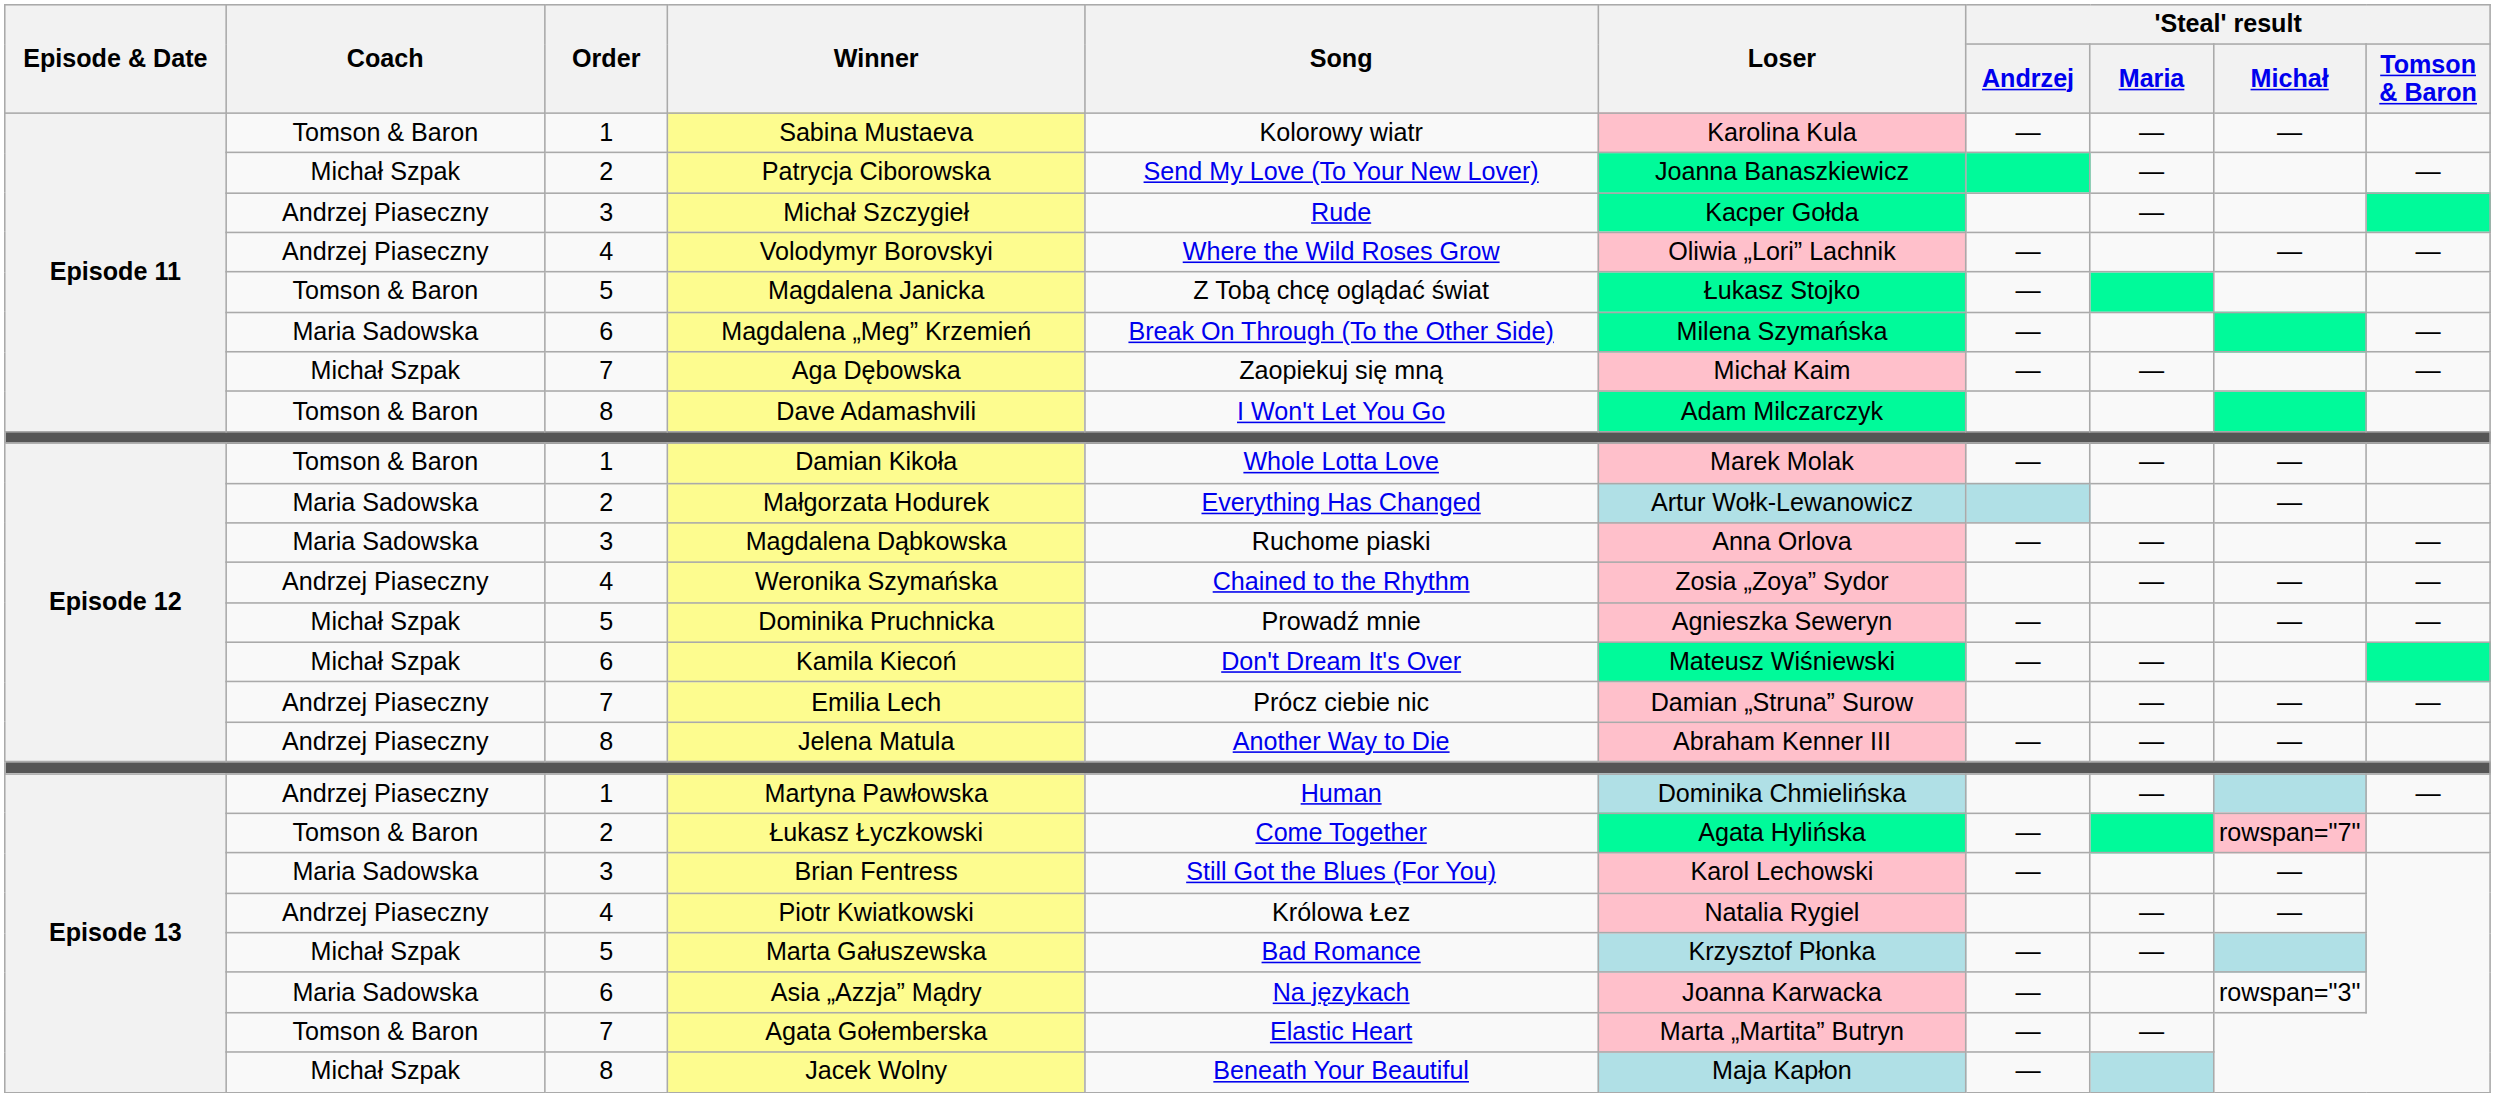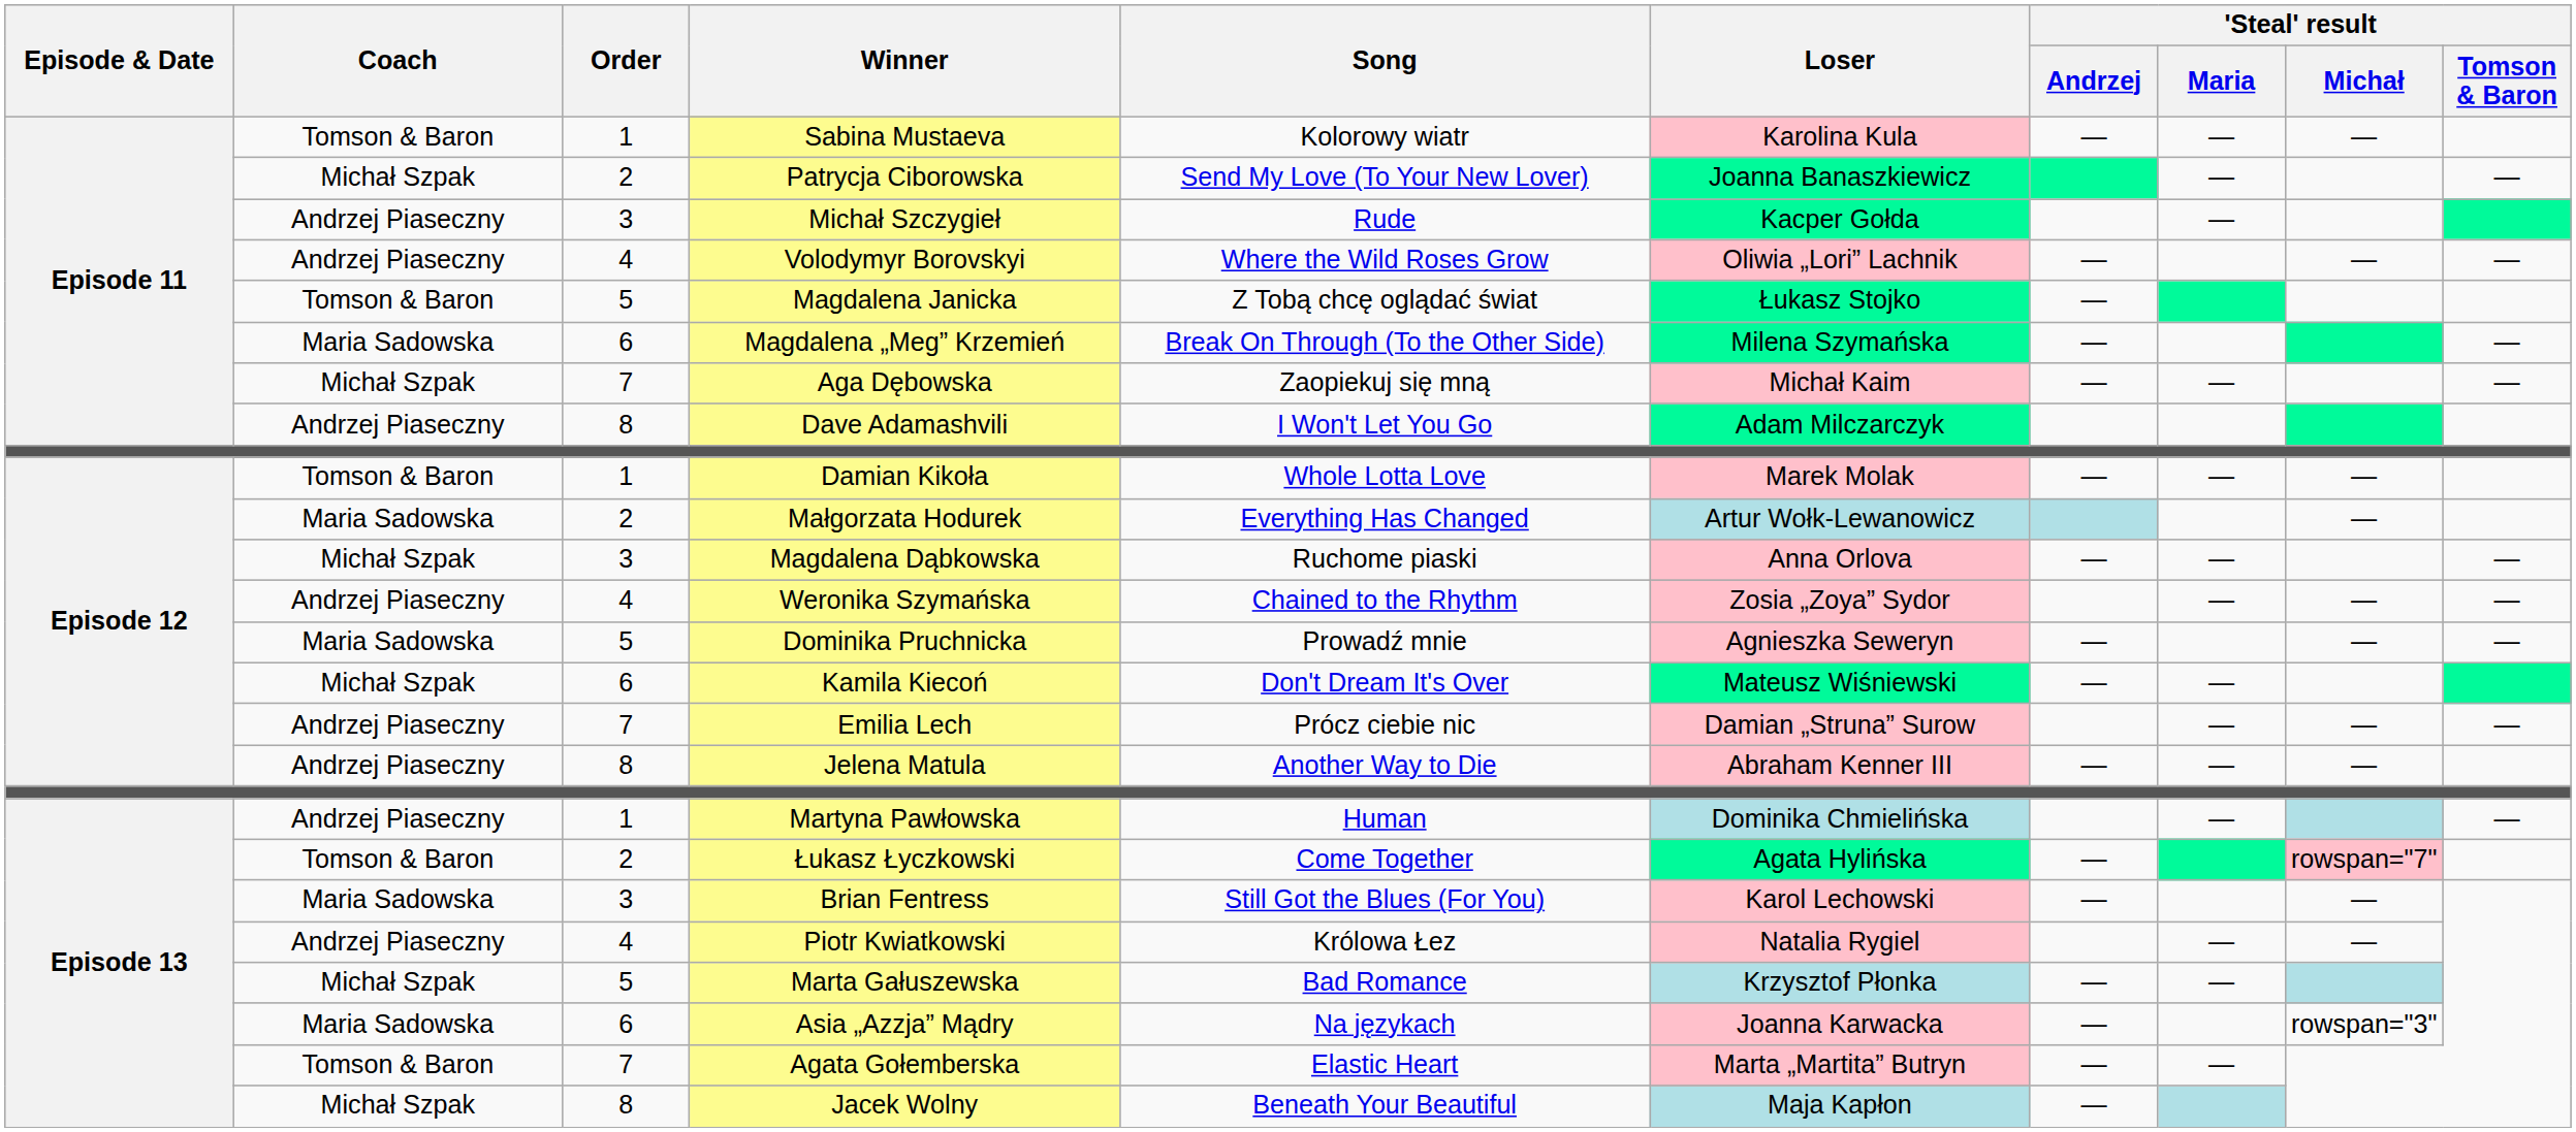 <table class="wikitable" style="text-align: center; width:100%;">
 <tr>
 <th rowspan="2" style="width:9%;">Episode & Date</th>
 <th rowspan="2" style="width:13%;">Coach</th>
 <th rowspan="2" style="width:05%;">Order</th>
 <th rowspan="2" style="width:17%;">Winner</th>
 <th rowspan="2" style="width:21%;">Song</th>
 <th rowspan="2" style="width:15%;">Loser</th>
 <th colspan="4" style="width:20%;">'Steal' result</th>
 </tr>
 <tr>
 <th style="width:05%;"><a href='#'>Andrzej</a></th>
 <th style="width:05%;"><a href='#'>Maria</a></th>
 <th style="width:05%;"><a href='#'>Michał</a></th>
 <th style="width:05%;"><a href='#'>Tomson & Baron</a></th>
 </tr>
 <tr>
 <th rowspan="8">Episode 11<br><small></small></th>
 <td>Tomson & Baron</td>
 <td>1</td>
 <td style="background:#fdfc8f;">Sabina Mustaeva</td>
 <td>Kolorowy wiatr</td>
 <td style="background:pink;">Karolina Kula</td>
 <td>—</td>
 <td>—</td>
 <td>—</td>
 <td></td>
 </tr>
 <tr>
 <td>Michał Szpak</td>
 <td>2</td>
 <td style="background:#fdfc8f;">Patrycja Ciborowska</td>
 <td><a href='#'>Send My Love (To Your New Lover)</a></td>
 <td style="background:#00fa9a">Joanna Banaszkiewicz</td>
 <td style="background:#00fa9a"><strong></strong></td>
 <td>—</td>
 <td></td>
 <td>—</td>
 </tr>
 <tr>
 <td>Andrzej Piaseczny</td>
 <td>3</td>
 <td style="background:#fdfc8f;">Michał Szczygieł</td>
 <td><a href='#'>Rude</a></td>
 <td style="background:#00fa9a;">Kacper Gołda</td>
 <td></td>
 <td>—</td>
 <td><strong></strong></td>
 <td style="background:#00fa9a;"><strong></strong></td>
 </tr>
 <tr>
 <td>Andrzej Piaseczny</td>
 <td>4</td>
 <td style="background:#fdfc8f;">Volodymyr Borovskyi</td>
 <td><a href='#'>Where the Wild Roses Grow</a></td>
 <td style="background:pink;">Oliwia „Lori” Lachnik</td>
 <td>—</td>
 <td></td>
 <td>—</td>
 <td>—</td>
 </tr>
 <tr>
 <td>Tomson & Baron</td>
 <td>5</td>
 <td style="background:#fdfc8f;">Magdalena Janicka</td>
 <td>Z Tobą chcę oglądać świat</td>
 <td style="background:#00fa9a;">Łukasz Stojko</td>
 <td>—</td>
 <td style="background:#00fa9a;"><strong></strong></td>
 <td><strong></strong></td>
 <td></td>
 </tr>
 <tr>
 <td>Maria Sadowska</td>
 <td>6</td>
 <td style="background:#fdfc8f;">Magdalena „Meg” Krzemień</td>
 <td><a href='#'>Break On Through (To the Other Side)</a></td>
 <td style="background:#00fa9a">Milena Szymańska</td>
 <td>—</td>
 <td></td>
 <td style="background:#00fa9a"><strong></strong></td>
 <td>—</td>
 </tr>
 <tr>
 <td>Michał Szpak</td>
 <td>7</td>
 <td style="background:#fdfc8f;">Aga Dębowska</td>
 <td>Zaopiekuj się mną</td>
 <td style="background:pink;">Michał Kaim</td>
 <td>—</td>
 <td>—</td>
 <td></td>
 <td>—</td>
 </tr>
 <tr>
-<td>Tomson & Baron</td>
+<td>Andrzej Piaseczny</td>
 <td>8</td>
 <td style="background:#fdfc8f;">Dave Adamashvili</td>
 <td><a href='#'>I Won't Let You Go</a></td>
 <td style="background:#00fa9a;">Adam Milczarczyk</td>
 <td></td>
 <td><strong></strong></td>
 <td style="background:#00fa9a;"><strong></strong></td>
 <td><strong></strong></td>
 </tr>
 <tr>
 <td colspan="10" style="background:#555;"></td>
 </tr>
 <tr>
 <th rowspan="8">Episode 12<br><small></small></th>
 <td>Tomson & Baron</td>
 <td>1</td>
 <td style="background:#fdfc8f;">Damian Kikoła</td>
 <td><a href='#'>Whole Lotta Love</a></td>
 <td style="background:pink;">Marek Molak</td>
 <td>—</td>
 <td>—</td>
 <td>—</td>
 <td></td>
 </tr>
 <tr>
 <td>Maria Sadowska</td>
 <td>2</td>
 <td style="background:#fdfc8f;">Małgorzata Hodurek</td>
 <td><a href='#'>Everything Has Changed</a></td>
 <td style="background:#B0E0E6;">Artur Wołk-Lewanowicz</td>
 <td style="background:#B0E0E6;"><strong></strong></td>
 <td></td>
 <td>—</td>
 <td><strong></strong></td>
 </tr>
 <tr>
-<td>Maria Sadowska</td>
+<td>Michał Szpak</td>
 <td>3</td>
 <td style="background:#fdfc8f;">Magdalena Dąbkowska</td>
 <td>Ruchome piaski</td>
 <td style="background:pink;">Anna Orlova</td>
 <td>—</td>
 <td>—</td>
 <td></td>
 <td>—</td>
 </tr>
 <tr>
 <td>Andrzej Piaseczny</td>
 <td>4</td>
 <td style="background:#fdfc8f;">Weronika Szymańska</td>
 <td><a href='#'>Chained to the Rhythm</a></td>
 <td style="background:pink;">Zosia „Zoya” Sydor</td>
 <td></td>
 <td>—</td>
 <td>—</td>
 <td>—</td>
 </tr>
 <tr>
-<td>Michał Szpak</td>
+<td>Maria Sadowska</td>
 <td>5</td>
 <td style="background:#fdfc8f;">Dominika Pruchnicka</td>
 <td>Prowadź mnie</td>
 <td style="background:pink;">Agnieszka Seweryn</td>
 <td>—</td>
 <td></td>
 <td>—</td>
 <td>—</td>
 </tr>
 <tr>
 <td>Michał Szpak</td>
 <td>6</td>
 <td style="background:#fdfc8f;">Kamila Kiecoń</td>
 <td><a href='#'>Don't Dream It's Over</a></td>
 <td style="background:#00fa9a;">Mateusz Wiśniewski</td>
 <td>—</td>
 <td>—</td>
 <td></td>
 <td style="background:#00fa9a;"><strong></strong></td>
 </tr>
 <tr>
 <td>Andrzej Piaseczny</td>
 <td>7</td>
 <td style="background:#fdfc8f;">Emilia Lech</td>
 <td>Prócz ciebie nic</td>
 <td style="background:pink;">Damian „Struna” Surow</td>
 <td></td>
 <td>—</td>
 <td>—</td>
 <td>—</td>
 </tr>
 <tr>
 <td>Andrzej Piaseczny</td>
 <td>8</td>
 <td style="background:#fdfc8f;">Jelena Matula</td>
 <td><a href='#'>Another Way to Die</a></td>
 <td style="background:pink;">Abraham Kenner III</td>
 <td>—</td>
 <td>—</td>
 <td>—</td>
 <td></td>
 </tr>
 <tr>
 <td colspan="10" style="background:#555;"></td>
 </tr>
 <tr>
 <th rowspan="8">Episode 13<br><small></small></th>
 <td>Andrzej Piaseczny</td>
 <td>1</td>
 <td style="background:#fdfc8f;">Martyna Pawłowska</td>
 <td><a href='#'>Human</a></td>
 <td style="background:#B0E0E6;">Dominika Chmielińska</td>
 <td></td>
 <td>—</td>
 <td style="background:#B0E0E6;"><strong></strong></td>
 <td>—</td>
 </tr>
 <tr>
 <td>Tomson & Baron</td>
 <td>2</td>
 <td style="background:#fdfc8f;">Łukasz Łyczkowski</td>
 <td><a href='#'>Come Together</a></td>
 <td style="background:#00fa9a;">Agata Hylińska</td>
 <td>—</td>
 <td style="background:#00fa9a;"><strong></strong></td>
 <td style="background: pink;">rowspan="7" </td>
 <td></td>
 </tr>
 <tr>
 <td>Maria Sadowska</td>
 <td>3</td>
 <td style="background:#fdfc8f;">Brian Fentress</td>
 <td><a href='#'>Still Got the Blues (For You)</a></td>
 <td style="background:pink;">Karol Lechowski</td>
 <td>—</td>
 <td></td>
 <td>—</td>
 </tr>
 <tr>
 <td>Andrzej Piaseczny</td>
 <td>4</td>
 <td style="background:#fdfc8f;">Piotr Kwiatkowski</td>
 <td>Królowa Łez</td>
 <td style="background:pink;">Natalia Rygiel</td>
 <td></td>
 <td>—</td>
 <td>—</td>
 </tr>
 <tr>
 <td>Michał Szpak</td>
 <td>5</td>
 <td style="background:#fdfc8f;">Marta Gałuszewska</td>
 <td><a href='#'>Bad Romance</a></td>
 <td style="background:#B0E0E6;">Krzysztof Płonka</td>
 <td>—</td>
 <td>—</td>
 <td style="background:#B0E0E6;"><strong></strong></td>
 </tr>
 <tr>
 <td>Maria Sadowska</td>
 <td>6</td>
 <td style="background:#fdfc8f;">Asia „Azzja” Mądry</td>
 <td><a href='#'>Na językach</a></td>
 <td style="background:pink;">Joanna Karwacka</td>
 <td>—</td>
 <td></td>
 <td>rowspan="3" </td>
 </tr>
 <tr>
 <td>Tomson & Baron</td>
 <td>7</td>
 <td style="background:#fdfc8f;">Agata Gołemberska</td>
 <td><a href='#'>Elastic Heart</a></td>
 <td style="background:pink;">Marta „Martita” Butryn</td>
 <td>—</td>
 <td>—</td>
 </tr>
 <tr>
 <td>Michał Szpak</td>
 <td>8</td>
 <td style="background:#fdfc8f;">Jacek Wolny</td>
 <td><a href='#'>Beneath Your Beautiful</a></td>
 <td style="background:#B0E0E6;">Maja Kapłon</td>
 <td>—</td>
 <td style="background:#B0E0E6;"><strong></strong></td>
 </tr>
 </table>
